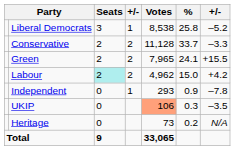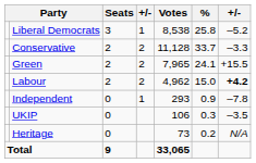 <table class="wikitable sortable">
 <tr>
 <th colspan="2">Party</th>
 <th>Seats</th>
 <th>+/-</th>
 <th>Votes</th>
 <th>%</th>
 <th>+/-</th>
 </tr>
 <tr>
 <td style="background-color: "></td>
 <td><a href='#'>Liberal Democrats</a></td>
 <td>3</td>
 <td> 1</td>
 <td style="text-align:right;">8,538</td>
 <td style="text-align:right;">25.8</td>
 <td style="text-align:right;">–5.2</td>
 </tr>
 <tr>
 <td style="background-color: "></td>
 <td><a href='#'>Conservative</a></td>
 <td>2</td>
 <td> 2</td>
 <td style="text-align:right;">11,128</td>
 <td style="text-align:right;">33.7</td>
 <td style="text-align:right;">–3.3</td>
 </tr>
 <tr>
 <td style="background-color: "></td>
 <td><a href='#'>Green</a></td>
 <td>2</td>
 <td> 2</td>
 <td style="text-align:right;">7,965</td>
 <td style="text-align:right;">24.1</td>
 <td style="text-align:right;">+15.5</td>
 </tr>
 <tr>
 <td style="background-color: "></td>
 <td><a href='#'>Labour</a></td>
-<td style="background: paleturquoise;">2</td>
+<td>2</td>
 <td> 2</td>
 <td style="text-align:right;">4,962</td>
 <td style="text-align:right;">15.0</td>
-<td style="text-align:right;">+4.2</td>
+<td style="text-align:right;"><strong>+4.2</strong></td>
 </tr>
 <tr>
 <td style="background-color: "></td>
 <td><a href='#'>Independent</a></td>
 <td>0</td>
 <td> 1</td>
 <td style="text-align:right;">293</td>
 <td style="text-align:right;">0.9</td>
 <td style="text-align:right;">–7.8</td>
 </tr>
 <tr>
 <td style="background-color: "></td>
 <td><a href='#'>UKIP</a></td>
 <td>0</td>
 <td></td>
-<td style="background: lightsalmon; text-align:right;">106</td>
+<td style="text-align:right;">106</td>
 <td style="text-align:right;">0.3</td>
 <td style="text-align:right;">–3.5</td>
 </tr>
 <tr>
 <td style="background-color: "></td>
 <td><a href='#'>Heritage</a></td>
 <td>0</td>
 <td></td>
 <td style="text-align:right;">73</td>
 <td style="text-align:right;">0.2</td>
 <td style="text-align:right;"><em>N/A</em></td>
 </tr>
 <tr>
 <td colspan="2"><strong>Total</strong></td>
 <td><strong>9</strong></td>
 <td></td>
 <td style="text-align:right;"><strong>33,065</strong></td>
 <td style="text-align:right;"></td>
 <td style="text-align:right;"></td>
 </tr>
 </table>
